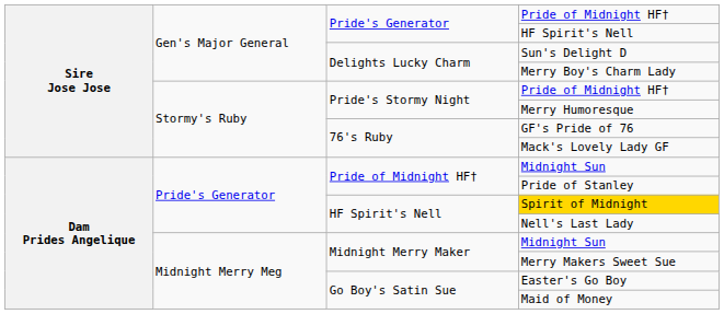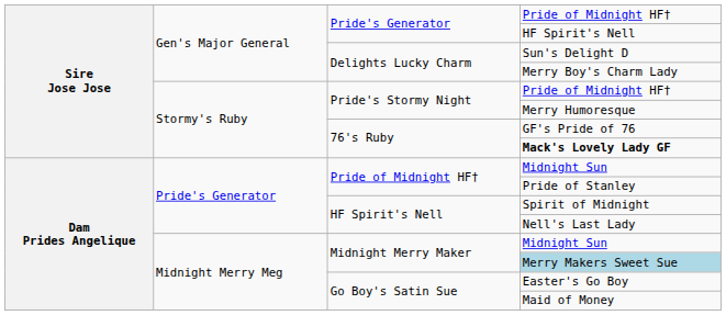 <table class="wikitable" style="clear:both; margin:0em auto; width:90%;">
 <tr>
 <th rowspan="8">Sire<br>Jose Jose</th>
 <td rowspan="4">Gen's Major General</td>
 <td rowspan="2"><a href='#'>Pride's Generator</a></td>
 <td><a href='#'>Pride of Midnight</a> HF†</td>
 </tr>
 <tr>
 <td>HF Spirit's Nell</td>
 </tr>
 <tr>
 <td rowspan="2">Delights Lucky Charm</td>
 <td>Sun's Delight D</td>
 </tr>
 <tr>
 <td>Merry Boy's Charm Lady</td>
 </tr>
 <tr>
 <td rowspan="4">Stormy's Ruby</td>
 <td rowspan="2">Pride's Stormy Night</td>
 <td><a href='#'>Pride of Midnight</a> HF†</td>
 </tr>
 <tr>
 <td>Merry Humoresque</td>
 </tr>
 <tr>
 <td rowspan="2">76's Ruby</td>
 <td>GF's Pride of 76</td>
 </tr>
 <tr>
-<td>Mack's Lovely Lady GF</td>
+<td><strong>Mack's Lovely Lady GF</strong></td>
 </tr>
 <tr>
 <th rowspan="8">Dam<br>Prides Angelique</th>
 <td rowspan="4"><a href='#'>Pride's Generator</a></td>
 <td rowspan="2"><a href='#'>Pride of Midnight</a> HF†</td>
 <td><a href='#'>Midnight Sun</a></td>
 </tr>
 <tr>
 <td>Pride of Stanley</td>
 </tr>
 <tr>
 <td rowspan="2">HF Spirit's Nell</td>
-<td style="background: gold;">Spirit of Midnight</td>
+<td>Spirit of Midnight</td>
 </tr>
 <tr>
 <td>Nell's Last Lady</td>
 </tr>
 <tr>
 <td rowspan="4">Midnight Merry Meg</td>
 <td rowspan="2">Midnight Merry Maker</td>
 <td><a href='#'>Midnight Sun</a></td>
 </tr>
 <tr>
-<td>Merry Makers Sweet Sue</td>
+<td style="background: lightblue;">Merry Makers Sweet Sue</td>
 </tr>
 <tr>
 <td rowspan="2">Go Boy's Satin Sue</td>
 <td>Easter's Go Boy</td>
 </tr>
 <tr>
 <td>Maid of Money</td>
 </tr>
 </table>
